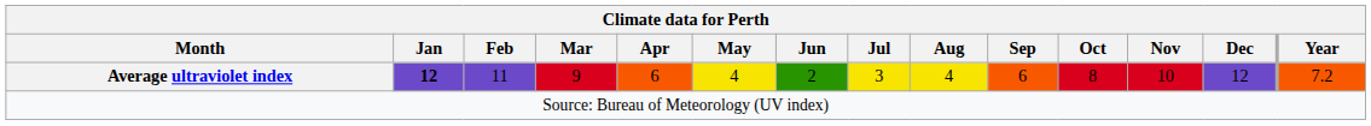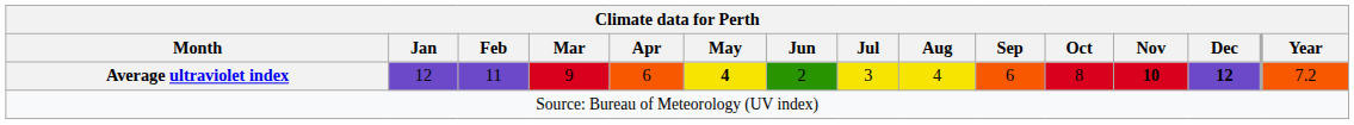 <table style="width:90%;text-align:center;font-size:90%;line-height:1.2em;margin-left:auto;margin-right:auto" class="wikitable">
 <tr>
 <th Colspan=14>Climate data for Perth</th>
 </tr>
 <tr>
 <th>Month</th>
 <th>Jan</th>
 <th>Feb</th>
 <th>Mar</th>
 <th>Apr</th>
 <th>May</th>
 <th>Jun</th>
 <th>Jul</th>
 <th>Aug</th>
 <th>Sep</th>
 <th>Oct</th>
 <th>Nov</th>
 <th>Dec</th>
 <th style="border-left-width:medium">Year</th>
 </tr>
 <tr>
 <th>Average <a href='#'>ultraviolet index</a></th>
-<td style="background:#6b49c8; color:#000;"><strong>12</strong></td>
+<td style="background:#6b49c8; color:#000;">12</td>
 <td style="background:#6b49c8; color:#000;">11</td>
 <td style="background:#d8001d; color:#000;">9</td>
 <td style="background:#f85900; color:#000;">6</td>
-<td style="background:#f7e400; color:#000;">4</td>
+<td style="background:#f7e400; color:#000;"><strong>4</strong></td>
 <td style="background:#289500;color:#000000;">2</td>
 <td style="background:#f7e400; color:#000;">3</td>
 <td style="background:#f7e400; color:#000;">4</td>
 <td style="background:#f85900; color:#000;">6</td>
 <td style="background:#d8001d; color:#000;">8</td>
-<td style="background:#d8001d; color:#000;">10</td>
-<td style="background:#6b49c8; color:#000;">12</td>
+<td style="background:#d8001d; color:#000;"><strong>10</strong></td>
+<td style="background:#6b49c8; color:#000;"><strong>12</strong></td>
 <td style="background:#f85900; color:#000; border-left-width:medium;">7.2</td>
 </tr>
 <tr>
 <th Colspan=14 style="background:#f8f9fa;font-weight:normal;font-size:95%;">Source: Bureau of Meteorology (UV index)</th>
 </tr>
 </table>
